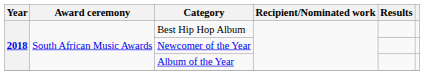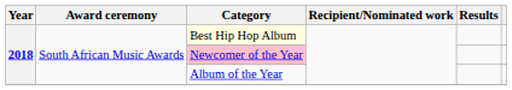 <table class="wikitable plainrowheaders">
 <tr>
 <th>Year</th>
 <th>Award ceremony</th>
 <th>Category</th>
 <th>Recipient/Nominated work</th>
 <th>Results</th>
 <th></th>
 </tr>
 <tr>
 <th scope="row" rowspan="3"><a href='#'>2018</a></th>
 <td rowspan="3"><a href='#'>South African Music Awards</a></td>
-<td>Best Hip Hop Album</td>
+<td style="background: lightyellow;">Best Hip Hop Album</td>
 <td rowspan="3"></td>
 <td></td>
 <td></td>
 </tr>
 <tr>
-<td><a href='#'>Newcomer of the Year</a></td>
+<td style="background: pink;"><a href='#'>Newcomer of the Year</a></td>
 <td></td>
 <td></td>
 </tr>
 <tr>
 <td><a href='#'>Album of the Year</a></td>
 <td></td>
 <td></td>
 </tr>
 <tr>
 </tr>
 </table>
